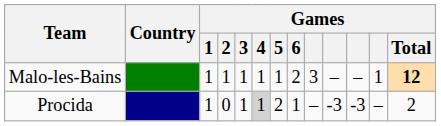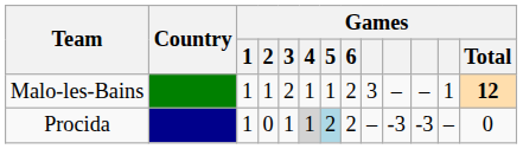 <table class="wikitable plainrowheaders" style="text-align:center;">
 <tr>
 <th rowspan=2>Team</th>
 <th rowspan=2>Country</th>
 <th colspan=11>Games</th>
 </tr>
 <tr>
 <th>1</th>
 <th>2</th>
 <th>3</th>
 <th>4</th>
 <th>5</th>
 <th>6</th>
 <th></th>
 <th></th>
 <th></th>
 <th></th>
 <th>Total</th>
 </tr>
 <tr>
 <td>Malo-les-Bains</td>
 <td style="background:green"></td>
 <td>1</td>
 <td>1</td>
-<td>1</td>
+<td>2</td>
 <td>1</td>
 <td>1</td>
 <td>2</td>
 <td>3</td>
 <td>–</td>
 <td>–</td>
 <td>1</td>
 <td style="font-weight:bold; background:NavajoWhite;">12</td>
 </tr>
 <tr>
 <td>Procida</td>
 <td style="background:darkblue"></td>
 <td>1</td>
 <td>0</td>
 <td>1</td>
 <td style="background: lightgrey;">1</td>
+<td style="background: lightblue;">2</td>
 <td>2</td>
-<td>1</td>
 <td>–</td>
 <td>-3</td>
 <td>-3</td>
 <td>–</td>
-<td>2</td>
+<td>0</td>
 </tr>
 </table>
